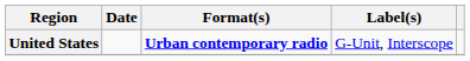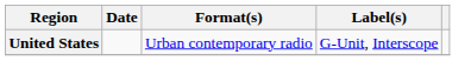 <table class="wikitable plainrowheaders" style="text-align:left">
 <tr>
 <th scope="col">Region</th>
 <th scope="col">Date</th>
 <th scope="col">Format(s)</th>
 <th scope="col">Label(s)</th>
 <th scope="col"></th>
 </tr>
 <tr>
 <th scope="row">United States</th>
 <td></td>
-<td><strong><a href='#'>Urban contemporary radio</a></strong></td>
+<td><a href='#'>Urban contemporary radio</a></td>
 <td><a href='#'>G-Unit</a>, <a href='#'>Interscope</a></td>
 <td></td>
 </tr>
 <tr>
 </tr>
 </table>
